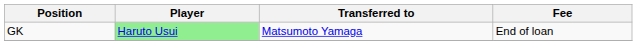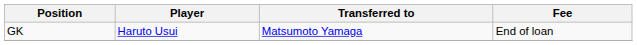 <table class="wikitable sortable" style="width:70%; text-align:center; font-size:100%; text-align:left;">
 <tr>
 <th>Position</th>
 <th>Player</th>
 <th>Transferred to</th>
 <th>Fee</th>
 </tr>
 <tr>
 <td>GK</td>
-<td style="background: lightgreen;"> <a href='#'>Haruto Usui</a></td>
+<td> <a href='#'>Haruto Usui</a></td>
 <td> <a href='#'>Matsumoto Yamaga</a></td>
 <td>End of loan</td>
 </tr>
 <tr>
 </tr>
 </table>
